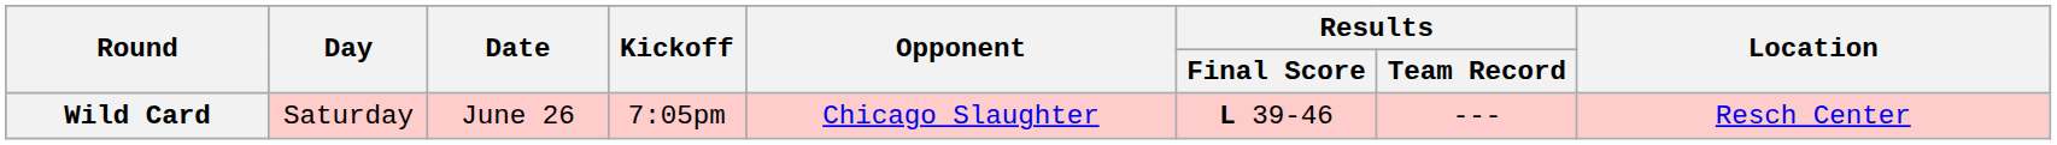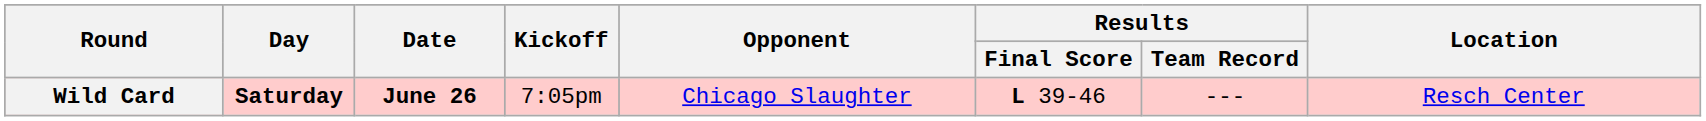 <table class="wikitable">
 <tr>
 <th rowspan="2" width="120">Round</th>
 <th rowspan="2" width="70">Day</th>
 <th rowspan="2" width="80">Date</th>
 <th rowspan="2" width="60">Kickoff</th>
 <th rowspan="2" width="200">Opponent</th>
 <th colspan="2" width="180">Results</th>
 <th rowspan="2" width="220">Location</th>
 </tr>
 <tr>
 <th width="90">Final Score</th>
 <th width="90">Team Record</th>
 </tr>
 <tr align="center" bgcolor="#FFCCCC">
 <th>Wild Card</th>
-<td align="center">Saturday</td>
-<td align="center">June 26</td>
+<td align="center"><strong>Saturday</strong></td>
+<td align="center"><strong>June 26</strong></td>
 <td align="center">7:05pm</td>
 <td align="center"><a href='#'>Chicago Slaughter</a></td>
 <td align="center"><strong>L</strong> 39-46</td>
 <td align="center">---</td>
 <td align="center"><a href='#'>Resch Center</a></td>
 </tr>
 </table>
